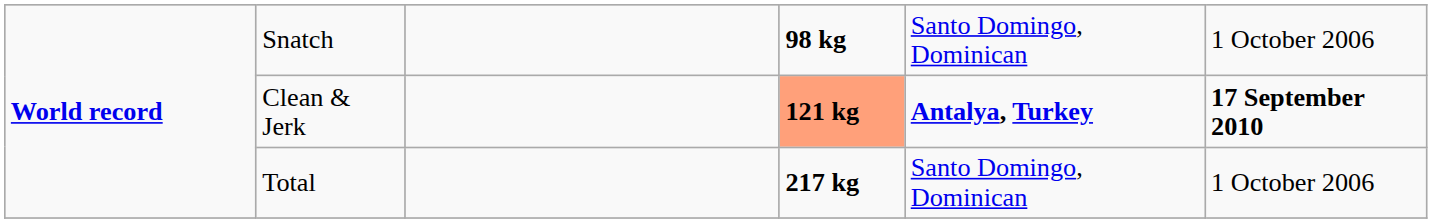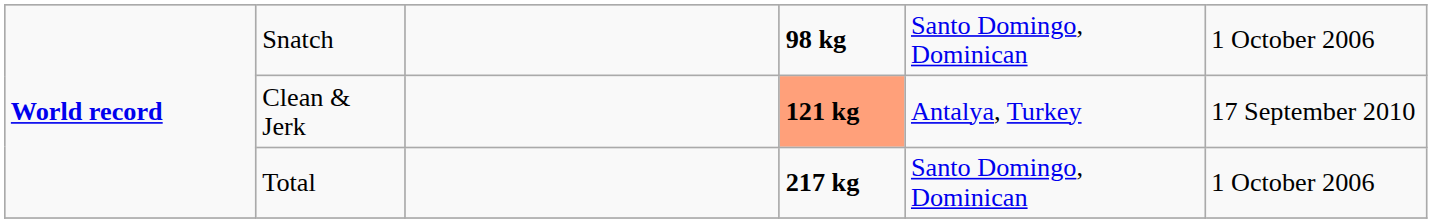 <table class="wikitable">
 <tr>
 <td width=150 rowspan=3><strong><a href='#'>World record</a></strong></td>
 <td width=85>Snatch</td>
 <td width=230></td>
 <td width=70><strong>98 kg</strong></td>
 <td width=180><a href='#'>Santo Domingo</a>, <a href='#'>Dominican</a></td>
 <td width=130>1 October 2006</td>
 </tr>
 <tr>
 <td>Clean & Jerk</td>
 <td></td>
 <td style="background: lightsalmon;"><strong>121 kg</strong></td>
-<td><strong><a href='#'>Antalya</a>, <a href='#'>Turkey</a></strong></td>
-<td><strong>17 September 2010</strong></td>
+<td><a href='#'>Antalya</a>, <a href='#'>Turkey</a></td>
+<td>17 September 2010</td>
 </tr>
 <tr>
 <td>Total</td>
 <td></td>
 <td><strong>217 kg</strong></td>
 <td><a href='#'>Santo Domingo</a>, <a href='#'>Dominican</a></td>
 <td>1 October 2006</td>
 </tr>
 </table>
